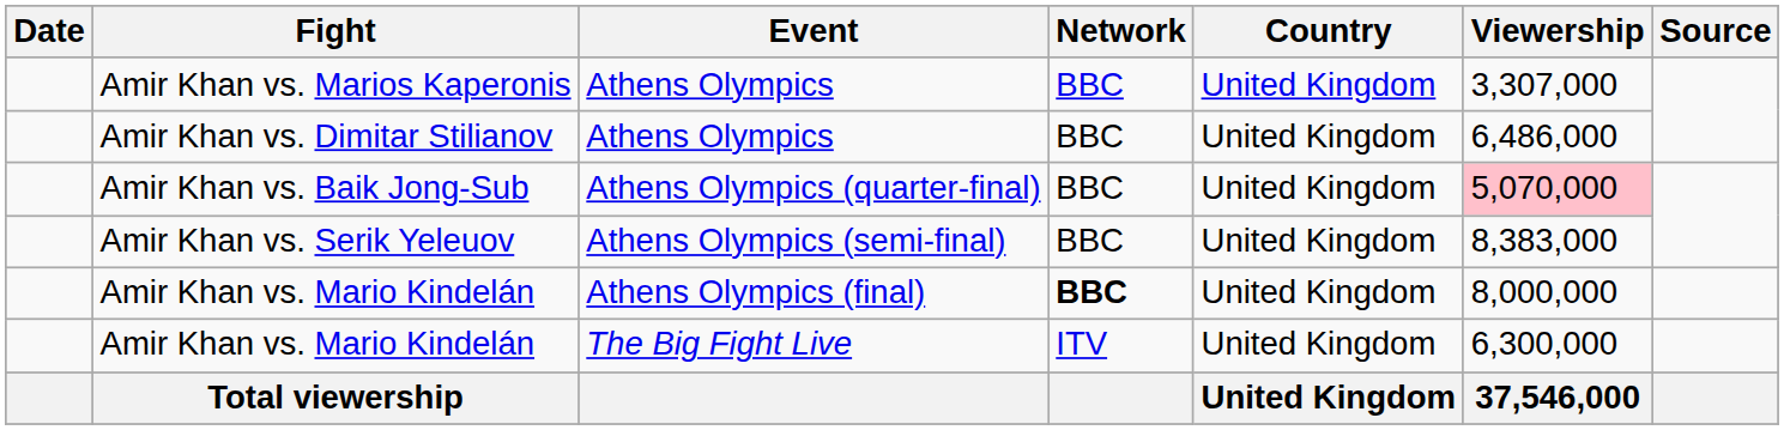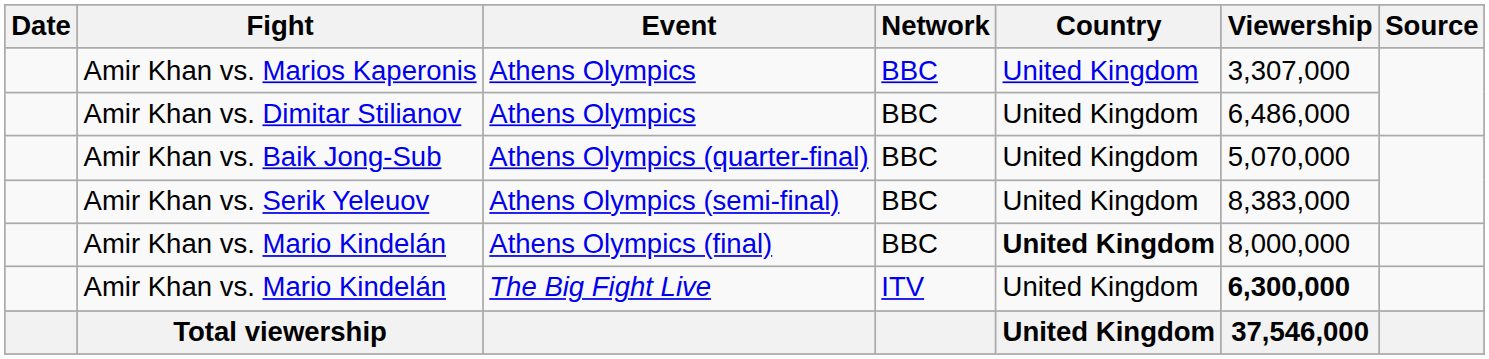 <table class="wikitable sortable">
 <tr>
 <th>Date</th>
 <th>Fight</th>
 <th>Event</th>
 <th>Network</th>
 <th>Country</th>
 <th>Viewership</th>
 <th>Source</th>
 </tr>
 <tr>
 <td></td>
 <td>Amir Khan vs. <a href='#'>Marios Kaperonis</a></td>
 <td><a href='#'>Athens Olympics</a></td>
 <td><a href='#'>BBC</a></td>
 <td><a href='#'>United Kingdom</a></td>
 <td>3,307,000</td>
 <td rowspan="2"></td>
 </tr>
 <tr>
 <td></td>
 <td>Amir Khan vs. <a href='#'>Dimitar Stilianov</a></td>
 <td><a href='#'>Athens Olympics</a></td>
 <td>BBC</td>
 <td>United Kingdom</td>
 <td>6,486,000</td>
 </tr>
 <tr>
 <td></td>
 <td>Amir Khan vs. <a href='#'>Baik Jong-Sub</a></td>
 <td><a href='#'>Athens Olympics (quarter-final)</a></td>
 <td>BBC</td>
 <td>United Kingdom</td>
-<td style="background: pink;">5,070,000</td>
+<td>5,070,000</td>
 <td rowspan="2"></td>
 </tr>
 <tr>
 <td></td>
 <td>Amir Khan vs. <a href='#'>Serik Yeleuov</a></td>
 <td><a href='#'>Athens Olympics (semi-final)</a></td>
 <td>BBC</td>
 <td>United Kingdom</td>
 <td>8,383,000</td>
 </tr>
 <tr>
 <td></td>
 <td>Amir Khan vs. <a href='#'>Mario Kindelán</a></td>
 <td><a href='#'>Athens Olympics (final)</a></td>
-<td><strong>BBC</strong></td>
-<td>United Kingdom</td>
+<td>BBC</td>
+<td><strong>United Kingdom</strong></td>
 <td>8,000,000</td>
 <td></td>
 </tr>
 <tr>
 <td></td>
 <td>Amir Khan vs. <a href='#'>Mario Kindelán</a></td>
 <td><em><a href='#'>The Big Fight Live</a></em></td>
 <td><a href='#'>ITV</a></td>
 <td>United Kingdom</td>
-<td>6,300,000</td>
+<td><strong>6,300,000</strong></td>
 <td></td>
 </tr>
 <tr>
 <th></th>
 <th>Total viewership</th>
 <th></th>
 <th></th>
 <th>United Kingdom</th>
 <th>37,546,000</th>
 <th></th>
 </tr>
 </table>
